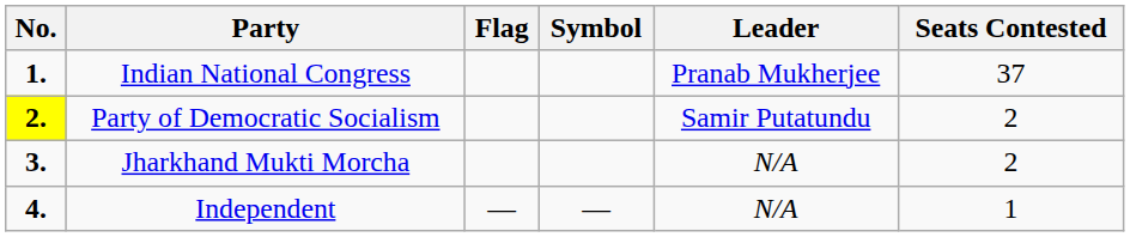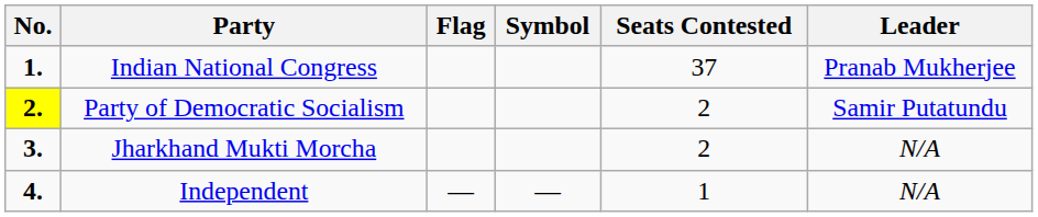 <table class="wikitable"  width="50%"style="text-align:center;">
 <tr>
 <th>No.</th>
 <th>Party</th>
 <th>Flag</th>
 <th>Symbol</th>
+<th>Seats Contested</th>
 <th>Leader</th>
-<th>Seats Contested</th>
 </tr>
 <tr>
 <td style="text-align:center; background:"><strong>1.</strong></td>
 <td style="text-align:center"><a href='#'>Indian National Congress</a></td>
 <td></td>
 <td></td>
+<td style="text-align:center">37</td>
 <td style="text-align:center"><a href='#'>Pranab Mukherjee</a></td>
-<td style="text-align:center">37</td>
 </tr>
 <tr>
 <td style="text-align:center; background: yellow;color:black"><strong>2.</strong></td>
 <td><a href='#'>Party of Democratic Socialism</a></td>
 <td></td>
 <td></td>
+<td>2</td>
 <td><a href='#'>Samir Putatundu</a></td>
-<td>2</td>
 </tr>
 <tr>
 <td style="text-align:center; background:"><strong>3.</strong></td>
 <td><a href='#'>Jharkhand Mukti Morcha</a></td>
 <td></td>
 <td></td>
+<td>2</td>
 <td><em>N/A</em></td>
-<td>2</td>
 </tr>
 <tr>
 <td><strong>4.</strong></td>
 <td><a href='#'>Independent</a></td>
 <td>—</td>
 <td>—</td>
+<td>1</td>
 <td><em>N/A</em></td>
-<td>1</td>
 </tr>
 </table>
